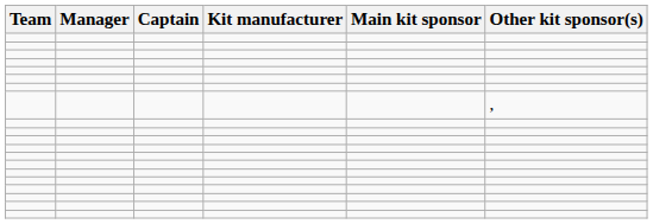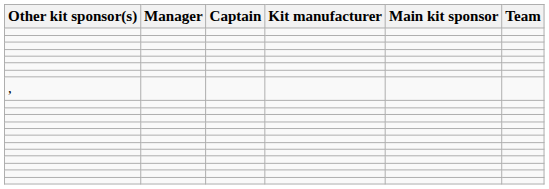 <table class="wikitable sortable" style="text-align: left;">
 <tr>
-<th>Team</th>
+<th>Other kit sponsor(s)</th>
 <th>Manager</th>
 <th>Captain</th>
 <th>Kit manufacturer</th>
 <th>Main kit sponsor</th>
-<th>Other kit sponsor(s)</th>
+<th>Team</th>
 </tr>
 <tr>
 <td></td>
 <td></td>
 <td></td>
 <td></td>
 <td></td>
 <td></td>
 </tr>
 <tr>
 <td></td>
 <td></td>
 <td></td>
 <td></td>
 <td></td>
 <td></td>
 </tr>
 <tr>
 <td></td>
 <td></td>
 <td></td>
 <td></td>
 <td></td>
 <td></td>
 </tr>
 <tr>
 <td></td>
 <td></td>
 <td></td>
 <td></td>
 <td></td>
 <td></td>
 </tr>
 <tr>
 <td></td>
 <td></td>
 <td></td>
 <td></td>
 <td></td>
 <td></td>
 </tr>
 <tr>
 <td></td>
 <td></td>
 <td></td>
 <td></td>
 <td></td>
 <td></td>
 </tr>
 <tr>
 <td></td>
 <td></td>
 <td></td>
 <td></td>
 <td></td>
 <td></td>
 </tr>
 <tr>
+<td>, </td>
 <td></td>
 <td></td>
 <td></td>
 <td></td>
 <td></td>
-<td>, </td>
 </tr>
 <tr>
 <td></td>
 <td></td>
 <td></td>
 <td></td>
 <td></td>
 <td></td>
 </tr>
 <tr>
 <td></td>
 <td></td>
 <td></td>
 <td></td>
 <td></td>
 <td></td>
 </tr>
 <tr>
 <td></td>
 <td></td>
 <td></td>
 <td></td>
 <td></td>
 <td></td>
 </tr>
 <tr>
 <td></td>
 <td></td>
 <td></td>
 <td></td>
 <td></td>
 <td></td>
 </tr>
 <tr>
 <td></td>
 <td></td>
 <td></td>
 <td></td>
 <td></td>
 <td></td>
 </tr>
 <tr>
 <td></td>
 <td></td>
 <td></td>
 <td></td>
 <td></td>
 <td></td>
 </tr>
 <tr>
 <td></td>
 <td></td>
 <td></td>
 <td></td>
 <td></td>
 <td></td>
 </tr>
 <tr>
 <td></td>
 <td></td>
 <td></td>
 <td></td>
 <td></td>
 <td></td>
 </tr>
 <tr>
 <td></td>
 <td></td>
 <td></td>
 <td></td>
 <td></td>
 <td></td>
 </tr>
 <tr>
 <td></td>
 <td></td>
 <td></td>
 <td></td>
 <td></td>
 <td></td>
 </tr>
 <tr>
 <td></td>
 <td></td>
 <td></td>
 <td></td>
 <td></td>
 <td></td>
 </tr>
 <tr>
 <td></td>
 <td></td>
 <td></td>
 <td></td>
 <td></td>
 <td></td>
 </tr>
 </table>
